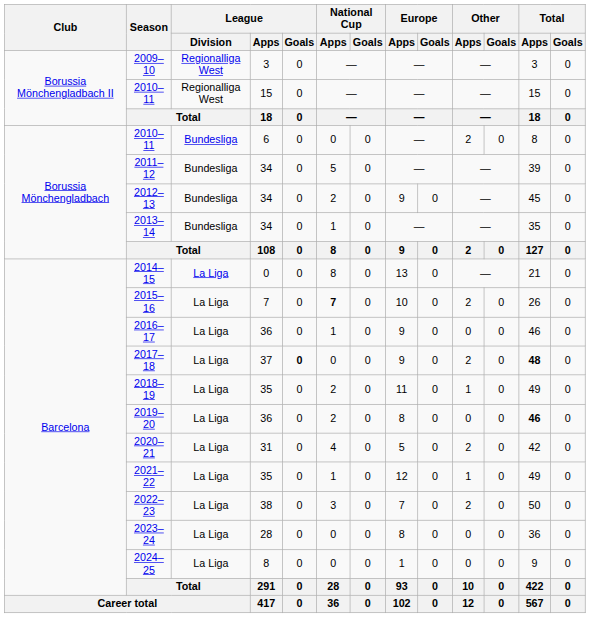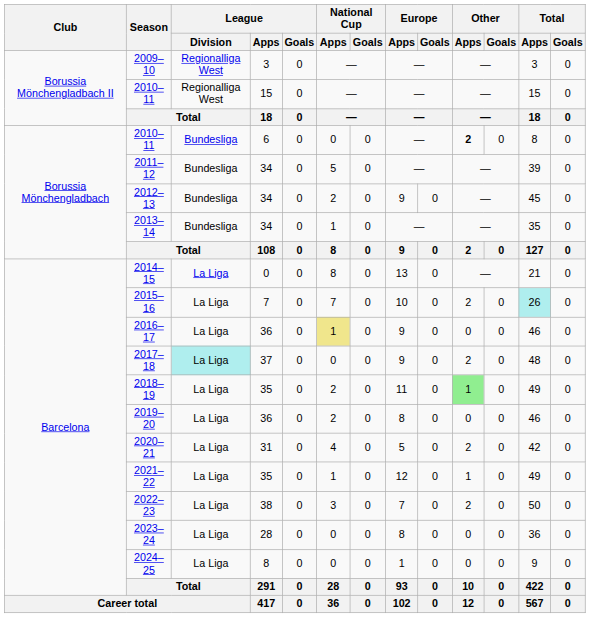 <table class=wikitable style="text-align:center">
 <tr>
 <th rowspan="2">Club</th>
 <th rowspan="2">Season</th>
 <th colspan="3">League</th>
 <th colspan="2">National Cup</th>
 <th colspan="2">Europe</th>
 <th colspan="2">Other</th>
 <th colspan="2">Total</th>
 </tr>
 <tr>
 <th>Division</th>
 <th>Apps</th>
 <th>Goals</th>
 <th>Apps</th>
 <th>Goals</th>
 <th>Apps</th>
 <th>Goals</th>
 <th>Apps</th>
 <th>Goals</th>
 <th>Apps</th>
 <th>Goals</th>
 </tr>
 <tr>
 <td rowspan="3"><a href='#'>Borussia Mönchengladbach II</a></td>
 <td><a href='#'>2009–10</a></td>
 <td><a href='#'>Regionalliga West</a></td>
 <td>3</td>
 <td>0</td>
 <td colspan="2">—</td>
 <td colspan="2">—</td>
 <td colspan="2">—</td>
 <td>3</td>
 <td>0</td>
 </tr>
 <tr>
 <td><a href='#'>2010–11</a></td>
 <td>Regionalliga West</td>
 <td>15</td>
 <td>0</td>
 <td colspan="2">—</td>
 <td colspan="2">—</td>
 <td colspan="2">—</td>
 <td>15</td>
 <td>0</td>
 </tr>
 <tr>
 <th colspan="2">Total</th>
 <th>18</th>
 <th>0</th>
 <th colspan="2">—</th>
 <th colspan="2">—</th>
 <th colspan="2">—</th>
 <th>18</th>
 <th>0</th>
 </tr>
 <tr>
 <td rowspan="5"><a href='#'>Borussia Mönchengladbach</a></td>
 <td><a href='#'>2010–11</a></td>
 <td><a href='#'>Bundesliga</a></td>
 <td>6</td>
 <td>0</td>
 <td>0</td>
 <td>0</td>
 <td colspan="2">—</td>
-<td>2</td>
+<td><strong>2</strong></td>
 <td>0</td>
 <td>8</td>
 <td>0</td>
 </tr>
 <tr>
 <td><a href='#'>2011–12</a></td>
 <td>Bundesliga</td>
 <td>34</td>
 <td>0</td>
 <td>5</td>
 <td>0</td>
 <td colspan="2">—</td>
 <td colspan="2">—</td>
 <td>39</td>
 <td>0</td>
 </tr>
 <tr>
 <td><a href='#'>2012–13</a></td>
 <td>Bundesliga</td>
 <td>34</td>
 <td>0</td>
 <td>2</td>
 <td>0</td>
 <td>9</td>
 <td>0</td>
 <td colspan="2">—</td>
 <td>45</td>
 <td>0</td>
 </tr>
 <tr>
 <td><a href='#'>2013–14</a></td>
 <td>Bundesliga</td>
 <td>34</td>
 <td>0</td>
 <td>1</td>
 <td>0</td>
 <td colspan="2">—</td>
 <td colspan="2">—</td>
 <td>35</td>
 <td>0</td>
 </tr>
 <tr>
 <th colspan="2">Total</th>
 <th>108</th>
 <th>0</th>
 <th>8</th>
 <th>0</th>
 <th>9</th>
 <th>0</th>
 <th>2</th>
 <th>0</th>
 <th>127</th>
 <th>0</th>
 </tr>
 <tr>
 <td rowspan="12"><a href='#'>Barcelona</a></td>
 <td><a href='#'>2014–15</a></td>
 <td><a href='#'>La Liga</a></td>
 <td>0</td>
 <td>0</td>
 <td>8</td>
 <td>0</td>
 <td>13</td>
 <td>0</td>
 <td colspan="2">—</td>
 <td>21</td>
 <td>0</td>
 </tr>
 <tr>
 <td><a href='#'>2015–16</a></td>
 <td>La Liga</td>
 <td>7</td>
 <td>0</td>
-<td><strong>7</strong></td>
+<td>7</td>
 <td>0</td>
 <td>10</td>
 <td>0</td>
 <td>2</td>
 <td>0</td>
-<td>26</td>
+<td style="background: paleturquoise;">26</td>
 <td>0</td>
 </tr>
 <tr>
 <td><a href='#'>2016–17</a></td>
 <td>La Liga</td>
 <td>36</td>
 <td>0</td>
-<td>1</td>
+<td style="background: khaki;">1</td>
 <td>0</td>
 <td>9</td>
 <td>0</td>
 <td>0</td>
 <td>0</td>
 <td>46</td>
 <td>0</td>
 </tr>
 <tr>
 <td><a href='#'>2017–18</a></td>
-<td>La Liga</td>
+<td style="background: paleturquoise;">La Liga</td>
 <td>37</td>
-<td><strong>0</strong></td>
+<td>0</td>
 <td>0</td>
 <td>0</td>
 <td>9</td>
 <td>0</td>
 <td>2</td>
 <td>0</td>
-<td><strong>48</strong></td>
+<td>48</td>
 <td>0</td>
 </tr>
 <tr>
 <td><a href='#'>2018–19</a></td>
 <td>La Liga</td>
 <td>35</td>
 <td>0</td>
 <td>2</td>
 <td>0</td>
 <td>11</td>
 <td>0</td>
-<td>1</td>
+<td style="background: lightgreen;">1</td>
 <td>0</td>
 <td>49</td>
 <td>0</td>
 </tr>
 <tr>
 <td><a href='#'>2019–20</a></td>
 <td>La Liga</td>
 <td>36</td>
 <td>0</td>
 <td>2</td>
 <td>0</td>
 <td>8</td>
 <td>0</td>
 <td>0</td>
 <td>0</td>
-<td><strong>46</strong></td>
+<td>46</td>
 <td>0</td>
 </tr>
 <tr>
 <td><a href='#'>2020–21</a></td>
 <td>La Liga</td>
 <td>31</td>
 <td>0</td>
 <td>4</td>
 <td>0</td>
 <td>5</td>
 <td>0</td>
 <td>2</td>
 <td>0</td>
 <td>42</td>
 <td>0</td>
 </tr>
 <tr>
 <td><a href='#'>2021–22</a></td>
 <td>La Liga</td>
 <td>35</td>
 <td>0</td>
 <td>1</td>
 <td>0</td>
 <td>12</td>
 <td>0</td>
 <td>1</td>
 <td>0</td>
 <td>49</td>
 <td>0</td>
 </tr>
 <tr>
 <td><a href='#'>2022–23</a></td>
 <td>La Liga</td>
 <td>38</td>
 <td>0</td>
 <td>3</td>
 <td>0</td>
 <td>7</td>
 <td>0</td>
 <td>2</td>
 <td>0</td>
 <td>50</td>
 <td>0</td>
 </tr>
 <tr>
 <td><a href='#'>2023–24</a></td>
 <td>La Liga</td>
 <td>28</td>
 <td>0</td>
 <td>0</td>
 <td>0</td>
 <td>8</td>
 <td>0</td>
 <td>0</td>
 <td>0</td>
 <td>36</td>
 <td>0</td>
 </tr>
 <tr>
 <td><a href='#'>2024–25</a></td>
 <td>La Liga</td>
 <td>8</td>
 <td>0</td>
 <td>0</td>
 <td>0</td>
 <td>1</td>
 <td>0</td>
 <td>0</td>
 <td>0</td>
 <td>9</td>
 <td>0</td>
 </tr>
 <tr>
 <th colspan="2">Total</th>
 <th>291</th>
 <th>0</th>
 <th>28</th>
 <th>0</th>
 <th>93</th>
 <th>0</th>
 <th>10</th>
 <th>0</th>
 <th>422</th>
 <th>0</th>
 </tr>
 <tr>
 <th colspan="3">Career total</th>
 <th>417</th>
 <th>0</th>
 <th>36</th>
 <th>0</th>
 <th>102</th>
 <th>0</th>
 <th>12</th>
 <th>0</th>
 <th>567</th>
 <th>0</th>
 </tr>
 </table>
